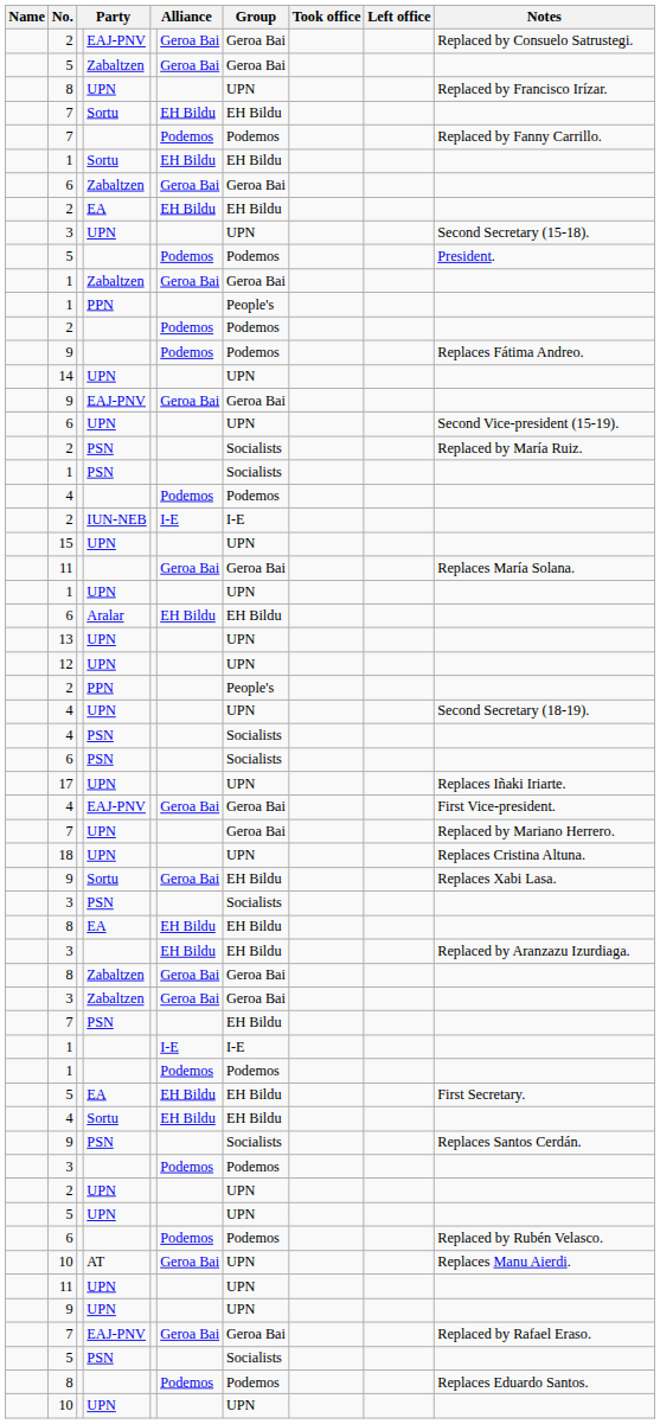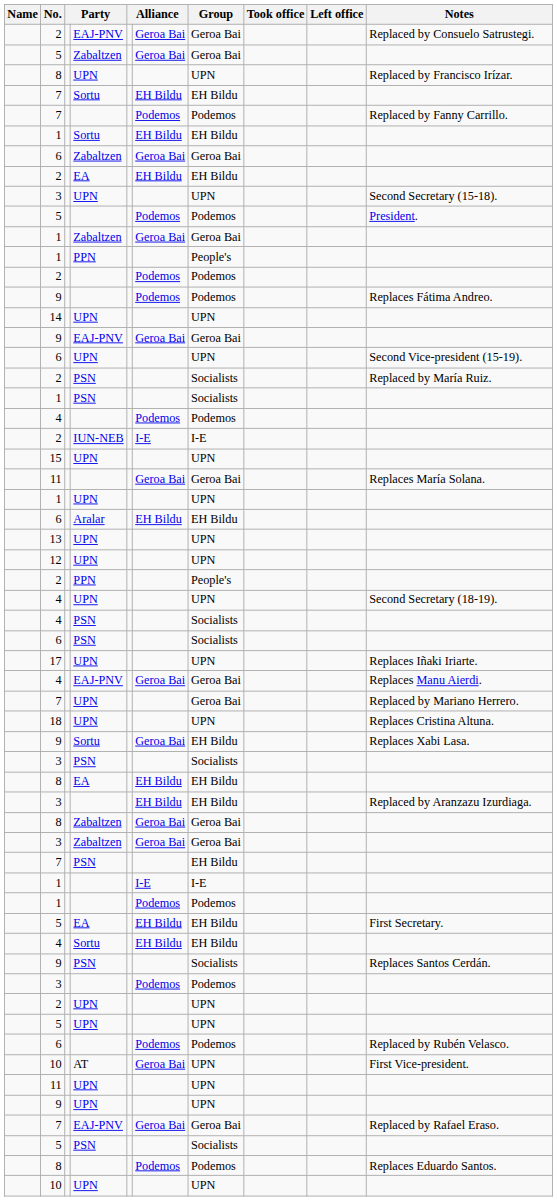 <table class="wikitable plainrowheaders sortable" style="font-size:85%; text-align:left;">
 <tr>
 <th scope=col>Name</th>
 <th scope=col>No.</th>
 <th scope=col colspan="2">Party</th>
 <th scope=col colspan="2">Alliance</th>
 <th scope=col>Group</th>
 <th scope=col>Took office</th>
 <th scope=col>Left office</th>
 <th scope=col width="200">Notes</th>
 </tr>
 <tr>
 <td></td>
 <td align=right>2</td>
 <td style="background:"></td>
 <td><a href='#'>EAJ-PNV</a></td>
 <td style="background:"></td>
 <td><a href='#'>Geroa Bai</a></td>
 <td>Geroa Bai</td>
 <td align=center></td>
 <td align=center></td>
 <td>Replaced by Consuelo Satrustegi.</td>
 </tr>
 <tr>
 <td></td>
 <td align=right>5</td>
 <td style="background:"></td>
 <td><a href='#'>Zabaltzen</a></td>
 <td style="background:"></td>
 <td><a href='#'>Geroa Bai</a></td>
 <td>Geroa Bai</td>
 <td align=center></td>
 <td align=center></td>
 <td></td>
 </tr>
 <tr>
 <td></td>
 <td align=right>8</td>
 <td style="background:"></td>
 <td><a href='#'>UPN</a></td>
 <td></td>
 <td></td>
 <td>UPN</td>
 <td align=center></td>
 <td align=center></td>
 <td>Replaced by Francisco Irízar.</td>
 </tr>
 <tr>
 <td></td>
 <td align=right>7</td>
 <td style="background:"></td>
 <td><a href='#'>Sortu</a></td>
 <td style="background:"></td>
 <td><a href='#'>EH Bildu</a></td>
 <td>EH Bildu</td>
 <td align=center></td>
 <td align=center></td>
 <td></td>
 </tr>
 <tr>
 <td></td>
 <td align=right>7</td>
 <td></td>
 <td></td>
 <td style="background:"></td>
 <td><a href='#'>Podemos</a></td>
 <td>Podemos</td>
 <td align=center></td>
 <td align=center></td>
 <td>Replaced by Fanny Carrillo.</td>
 </tr>
 <tr>
 <td></td>
 <td align=right>1</td>
 <td style="background:"></td>
 <td><a href='#'>Sortu</a></td>
 <td style="background:"></td>
 <td><a href='#'>EH Bildu</a></td>
 <td>EH Bildu</td>
 <td align=center></td>
 <td align=center></td>
 <td></td>
 </tr>
 <tr>
 <td></td>
 <td align=right>6</td>
 <td style="background:"></td>
 <td><a href='#'>Zabaltzen</a></td>
 <td style="background:"></td>
 <td><a href='#'>Geroa Bai</a></td>
 <td>Geroa Bai</td>
 <td align=center></td>
 <td align=center></td>
 <td></td>
 </tr>
 <tr>
 <td></td>
 <td align=right>2</td>
 <td style="background:"></td>
 <td><a href='#'>EA</a></td>
 <td style="background:"></td>
 <td><a href='#'>EH Bildu</a></td>
 <td>EH Bildu</td>
 <td align=center></td>
 <td align=center></td>
 <td></td>
 </tr>
 <tr>
 <td></td>
 <td align=right>3</td>
 <td style="background:"></td>
 <td><a href='#'>UPN</a></td>
 <td></td>
 <td></td>
 <td>UPN</td>
 <td align=center></td>
 <td align=center></td>
 <td>Second Secretary (15-18).</td>
 </tr>
 <tr>
 <td></td>
 <td align=right>5</td>
 <td></td>
 <td></td>
 <td style="background:"></td>
 <td><a href='#'>Podemos</a></td>
 <td>Podemos</td>
 <td align=center></td>
 <td align=center></td>
 <td><a href='#'>President</a>.</td>
 </tr>
 <tr>
 <td></td>
 <td align=right>1</td>
 <td style="background:"></td>
 <td><a href='#'>Zabaltzen</a></td>
 <td style="background:"></td>
 <td><a href='#'>Geroa Bai</a></td>
 <td>Geroa Bai</td>
 <td align=center></td>
 <td align=center></td>
 <td></td>
 </tr>
 <tr>
 <td></td>
 <td align=right>1</td>
 <td style="background:"></td>
 <td><a href='#'>PPN</a></td>
 <td></td>
 <td></td>
 <td>People's</td>
 <td align=center></td>
 <td align=center></td>
 <td></td>
 </tr>
 <tr>
 <td></td>
 <td align=right>2</td>
 <td></td>
 <td></td>
 <td style="background:"></td>
 <td><a href='#'>Podemos</a></td>
 <td>Podemos</td>
 <td align=center></td>
 <td align=center></td>
 <td></td>
 </tr>
 <tr>
 <td></td>
 <td align=right>9</td>
 <td></td>
 <td></td>
 <td style="background:"></td>
 <td><a href='#'>Podemos</a></td>
 <td>Podemos</td>
 <td align=center></td>
 <td align=center></td>
 <td>Replaces Fátima Andreo.</td>
 </tr>
 <tr>
 <td></td>
 <td align=right>14</td>
 <td style="background:"></td>
 <td><a href='#'>UPN</a></td>
 <td></td>
 <td></td>
 <td>UPN</td>
 <td align=center></td>
 <td align=center></td>
 <td></td>
 </tr>
 <tr>
 <td></td>
 <td align=right>9</td>
 <td style="background:"></td>
 <td><a href='#'>EAJ-PNV</a></td>
 <td style="background:"></td>
 <td><a href='#'>Geroa Bai</a></td>
 <td>Geroa Bai</td>
 <td align=center></td>
 <td align=center></td>
 <td></td>
 </tr>
 <tr>
 <td></td>
 <td align=right>6</td>
 <td style="background:"></td>
 <td><a href='#'>UPN</a></td>
 <td></td>
 <td></td>
 <td>UPN</td>
 <td align=center></td>
 <td align=center></td>
 <td>Second Vice-president (15-19).</td>
 </tr>
 <tr>
 <td></td>
 <td align=right>2</td>
 <td style="background:"></td>
 <td><a href='#'>PSN</a></td>
 <td></td>
 <td></td>
 <td>Socialists</td>
 <td align=center></td>
 <td align=center></td>
 <td>Replaced by María Ruiz.</td>
 </tr>
 <tr>
 <td></td>
 <td align=right>1</td>
 <td style="background:"></td>
 <td><a href='#'>PSN</a></td>
 <td></td>
 <td></td>
 <td>Socialists</td>
 <td align=center></td>
 <td align=center></td>
 <td></td>
 </tr>
 <tr>
 <td></td>
 <td align=right>4</td>
 <td></td>
 <td></td>
 <td style="background:"></td>
 <td><a href='#'>Podemos</a></td>
 <td>Podemos</td>
 <td align=center></td>
 <td align=center></td>
 <td></td>
 </tr>
 <tr>
 <td></td>
 <td align=right>2</td>
 <td style="background:"></td>
 <td><a href='#'>IUN-NEB</a></td>
 <td style="background:"></td>
 <td><a href='#'>I-E</a></td>
 <td>I-E</td>
 <td align=center></td>
 <td align=center></td>
 <td></td>
 </tr>
 <tr>
 <td></td>
 <td align=right>15</td>
 <td style="background:"></td>
 <td><a href='#'>UPN</a></td>
 <td></td>
 <td></td>
 <td>UPN</td>
 <td align=center></td>
 <td align=center></td>
 <td></td>
 </tr>
 <tr>
 <td></td>
 <td align=right>11</td>
 <td></td>
 <td></td>
 <td style="background:"></td>
 <td><a href='#'>Geroa Bai</a></td>
 <td>Geroa Bai</td>
 <td align=center></td>
 <td align=center></td>
 <td>Replaces María Solana.</td>
 </tr>
 <tr>
 <td></td>
 <td align=right>1</td>
 <td style="background:"></td>
 <td><a href='#'>UPN</a></td>
 <td></td>
 <td></td>
 <td>UPN</td>
 <td align=center></td>
 <td align=center></td>
 <td></td>
 </tr>
 <tr>
 <td></td>
 <td align=right>6</td>
 <td style="background:"></td>
 <td><a href='#'>Aralar</a></td>
 <td style="background:"></td>
 <td><a href='#'>EH Bildu</a></td>
 <td>EH Bildu</td>
 <td align=center></td>
 <td align=center></td>
 <td></td>
 </tr>
 <tr>
 <td></td>
 <td align=right>13</td>
 <td style="background:"></td>
 <td><a href='#'>UPN</a></td>
 <td></td>
 <td></td>
 <td>UPN</td>
 <td align=center></td>
 <td align=center></td>
 <td></td>
 </tr>
 <tr>
 <td></td>
 <td align=right>12</td>
 <td style="background:"></td>
 <td><a href='#'>UPN</a></td>
 <td></td>
 <td></td>
 <td>UPN</td>
 <td align=center></td>
 <td align=center></td>
 <td></td>
 </tr>
 <tr>
 <td></td>
 <td align=right>2</td>
 <td style="background:"></td>
 <td><a href='#'>PPN</a></td>
 <td></td>
 <td></td>
 <td>People's</td>
 <td align=center></td>
 <td align=center></td>
 <td></td>
 </tr>
 <tr>
 <td></td>
 <td align=right>4</td>
 <td style="background:"></td>
 <td><a href='#'>UPN</a></td>
 <td></td>
 <td></td>
 <td>UPN</td>
 <td align=center></td>
 <td align=center></td>
 <td>Second Secretary (18-19).</td>
 </tr>
 <tr>
 <td></td>
 <td align=right>4</td>
 <td style="background:"></td>
 <td><a href='#'>PSN</a></td>
 <td></td>
 <td></td>
 <td>Socialists</td>
 <td align=center></td>
 <td align=center></td>
 <td></td>
 </tr>
 <tr>
 <td></td>
 <td align=right>6</td>
 <td style="background:"></td>
 <td><a href='#'>PSN</a></td>
 <td></td>
 <td></td>
 <td>Socialists</td>
 <td align=center></td>
 <td align=center></td>
 <td></td>
 </tr>
 <tr>
 <td></td>
 <td align=right>17</td>
 <td style="background:"></td>
 <td><a href='#'>UPN</a></td>
 <td></td>
 <td></td>
 <td>UPN</td>
 <td align=center></td>
 <td align=center></td>
 <td>Replaces Iñaki Iriarte.</td>
 </tr>
 <tr>
 <td></td>
 <td align=right>4</td>
 <td style="background:"></td>
 <td><a href='#'>EAJ-PNV</a></td>
 <td style="background:"></td>
 <td><a href='#'>Geroa Bai</a></td>
 <td>Geroa Bai</td>
 <td align=center></td>
 <td align=center></td>
-<td>First Vice-president.</td>
+<td>Replaces <a href='#'>Manu Aierdi</a>.</td>
 </tr>
 <tr>
 <td></td>
 <td align=right>7</td>
 <td style="background:"></td>
 <td><a href='#'>UPN</a></td>
 <td></td>
 <td></td>
 <td>Geroa Bai</td>
 <td align=center></td>
 <td align=center></td>
 <td>Replaced by Mariano Herrero.</td>
 </tr>
 <tr>
 <td></td>
 <td align=right>18</td>
 <td style="background:"></td>
 <td><a href='#'>UPN</a></td>
 <td></td>
 <td></td>
 <td>UPN</td>
 <td align=center></td>
 <td align=center></td>
 <td>Replaces Cristina Altuna.</td>
 </tr>
 <tr>
 <td></td>
 <td align=right>9</td>
 <td style="background:"></td>
 <td><a href='#'>Sortu</a></td>
 <td style="background:"></td>
 <td><a href='#'>Geroa Bai</a></td>
 <td>EH Bildu</td>
 <td align=center></td>
 <td align=center></td>
 <td>Replaces Xabi Lasa.</td>
 </tr>
 <tr>
 <td></td>
 <td align=right>3</td>
 <td style="background:"></td>
 <td><a href='#'>PSN</a></td>
 <td></td>
 <td></td>
 <td>Socialists</td>
 <td align=center></td>
 <td align=center></td>
 <td></td>
 </tr>
 <tr>
 <td></td>
 <td align=right>8</td>
 <td style="background:"></td>
 <td><a href='#'>EA</a></td>
 <td style="background:"></td>
 <td><a href='#'>EH Bildu</a></td>
 <td>EH Bildu</td>
 <td align=center></td>
 <td align=center></td>
 <td></td>
 </tr>
 <tr>
 <td></td>
 <td align=right>3</td>
 <td></td>
 <td></td>
 <td style="background:"></td>
 <td><a href='#'>EH Bildu</a></td>
 <td>EH Bildu</td>
 <td align=center></td>
 <td align=center></td>
 <td>Replaced by Aranzazu Izurdiaga.</td>
 </tr>
 <tr>
 <td></td>
 <td align=right>8</td>
 <td style="background:"></td>
 <td><a href='#'>Zabaltzen</a></td>
 <td style="background:"></td>
 <td><a href='#'>Geroa Bai</a></td>
 <td>Geroa Bai</td>
 <td align=center></td>
 <td align=center></td>
 <td></td>
 </tr>
 <tr>
 <td></td>
 <td align=right>3</td>
 <td style="background:"></td>
 <td><a href='#'>Zabaltzen</a></td>
 <td style="background:"></td>
 <td><a href='#'>Geroa Bai</a></td>
 <td>Geroa Bai</td>
 <td align=center></td>
 <td align=center></td>
 <td></td>
 </tr>
 <tr>
 <td></td>
 <td align=right>7</td>
 <td style="background:"></td>
 <td><a href='#'>PSN</a></td>
 <td></td>
 <td></td>
 <td>EH Bildu</td>
 <td align=center></td>
 <td align=center></td>
 <td></td>
 </tr>
 <tr>
 <td></td>
 <td align=right>1</td>
 <td></td>
 <td></td>
 <td style="background:"></td>
 <td><a href='#'>I-E</a></td>
 <td>I-E</td>
 <td align=center></td>
 <td align=center></td>
 <td></td>
 </tr>
 <tr>
 <td></td>
 <td align=right>1</td>
 <td></td>
 <td></td>
 <td style="background:"></td>
 <td><a href='#'>Podemos</a></td>
 <td>Podemos</td>
 <td align=center></td>
 <td align=center></td>
 <td></td>
 </tr>
 <tr>
 <td></td>
 <td align=right>5</td>
 <td style="background:"></td>
 <td><a href='#'>EA</a></td>
 <td style="background:"></td>
 <td><a href='#'>EH Bildu</a></td>
 <td>EH Bildu</td>
 <td align=center></td>
 <td align=center></td>
 <td>First Secretary.</td>
 </tr>
 <tr>
 <td></td>
 <td align=right>4</td>
 <td style="background:"></td>
 <td><a href='#'>Sortu</a></td>
 <td style="background:"></td>
 <td><a href='#'>EH Bildu</a></td>
 <td>EH Bildu</td>
 <td align=center></td>
 <td align=center></td>
 <td></td>
 </tr>
 <tr>
 <td></td>
 <td align=right>9</td>
 <td style="background:"></td>
 <td><a href='#'>PSN</a></td>
 <td></td>
 <td></td>
 <td>Socialists</td>
 <td align=center></td>
 <td align=center></td>
 <td>Replaces Santos Cerdán.</td>
 </tr>
 <tr>
 <td></td>
 <td align=right>3</td>
 <td></td>
 <td></td>
 <td style="background:"></td>
 <td><a href='#'>Podemos</a></td>
 <td>Podemos</td>
 <td align=center></td>
 <td align=center></td>
 <td></td>
 </tr>
 <tr>
 <td></td>
 <td align=right>2</td>
 <td style="background:"></td>
 <td><a href='#'>UPN</a></td>
 <td></td>
 <td></td>
 <td>UPN</td>
 <td align=center></td>
 <td align=center></td>
 <td></td>
 </tr>
 <tr>
 <td></td>
 <td align=right>5</td>
 <td style="background:"></td>
 <td><a href='#'>UPN</a></td>
 <td></td>
 <td></td>
 <td>UPN</td>
 <td align=center></td>
 <td align=center></td>
 <td></td>
 </tr>
 <tr>
 <td></td>
 <td align=right>6</td>
 <td></td>
 <td></td>
 <td style="background:"></td>
 <td><a href='#'>Podemos</a></td>
 <td>Podemos</td>
 <td align=center></td>
 <td align=center></td>
 <td>Replaced by Rubén Velasco.</td>
 </tr>
 <tr>
 <td></td>
 <td align=right>10</td>
 <td></td>
 <td>AT</td>
 <td style="background:"></td>
 <td><a href='#'>Geroa Bai</a></td>
 <td>UPN</td>
 <td align=center></td>
 <td align=center></td>
-<td>Replaces <a href='#'>Manu Aierdi</a>.</td>
+<td>First Vice-president.</td>
 </tr>
 <tr>
 <td></td>
 <td align=right>11</td>
 <td style="background:"></td>
 <td><a href='#'>UPN</a></td>
 <td></td>
 <td></td>
 <td>UPN</td>
 <td align=center></td>
 <td align=center></td>
 <td></td>
 </tr>
 <tr>
 <td></td>
 <td align=right>9</td>
 <td style="background:"></td>
 <td><a href='#'>UPN</a></td>
 <td></td>
 <td></td>
 <td>UPN</td>
 <td align=center></td>
 <td align=center></td>
 <td></td>
 </tr>
 <tr>
 <td></td>
 <td align=right>7</td>
 <td style="background:"></td>
 <td><a href='#'>EAJ-PNV</a></td>
 <td style="background:"></td>
 <td><a href='#'>Geroa Bai</a></td>
 <td>Geroa Bai</td>
 <td align=center></td>
 <td align=center></td>
 <td>Replaced by Rafael Eraso.</td>
 </tr>
 <tr>
 <td></td>
 <td align=right>5</td>
 <td style="background:"></td>
 <td><a href='#'>PSN</a></td>
 <td></td>
 <td></td>
 <td>Socialists</td>
 <td align=center></td>
 <td align=center></td>
 <td></td>
 </tr>
 <tr>
 <td></td>
 <td align=right>8</td>
 <td></td>
 <td></td>
 <td style="background:"></td>
 <td><a href='#'>Podemos</a></td>
 <td>Podemos</td>
 <td align=center></td>
 <td align=center></td>
 <td>Replaces Eduardo Santos.</td>
 </tr>
 <tr>
 <td></td>
 <td align=right>10</td>
 <td style="background:"></td>
 <td><a href='#'>UPN</a></td>
 <td></td>
 <td></td>
 <td>UPN</td>
 <td align=center></td>
 <td align=center></td>
 <td></td>
 </tr>
 </table>
